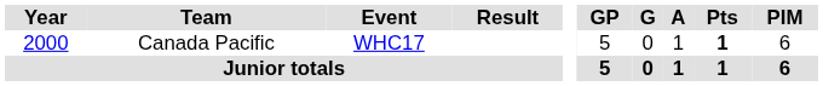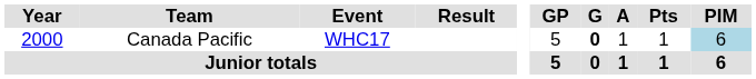 <table border="0" cellpadding="1" cellspacing="0" style="text-align:center; width:40em">
 <tr ALIGN="center" bgcolor="#e0e0e0">
 <th>Year</th>
 <th>Team</th>
 <th>Event</th>
 <th>Result</th>
 <th rowspan="99" bgcolor="#ffffff"> </th>
 <th>GP</th>
 <th>G</th>
 <th>A</th>
 <th>Pts</th>
 <th>PIM</th>
 </tr>
 <tr>
 <td><a href='#'>2000</a></td>
 <td>Canada Pacific</td>
 <td><a href='#'>WHC17</a></td>
 <td></td>
 <td>5</td>
-<td>0</td>
+<td><strong>0</strong></td>
 <td>1</td>
-<td><strong>1</strong></td>
-<td>6</td>
+<td>1</td>
+<td style="background: lightblue;">6</td>
 </tr>
 <tr bgcolor="#e0e0e0">
 <th colspan="4">Junior totals</th>
 <th>5</th>
 <th>0</th>
 <th>1</th>
 <th>1</th>
 <th>6</th>
 </tr>
 </table>
